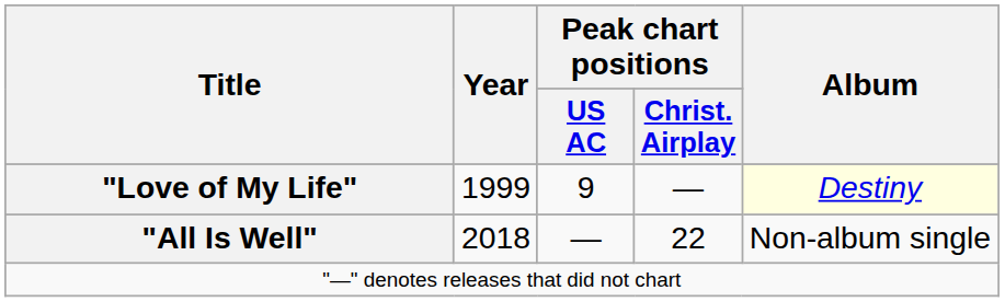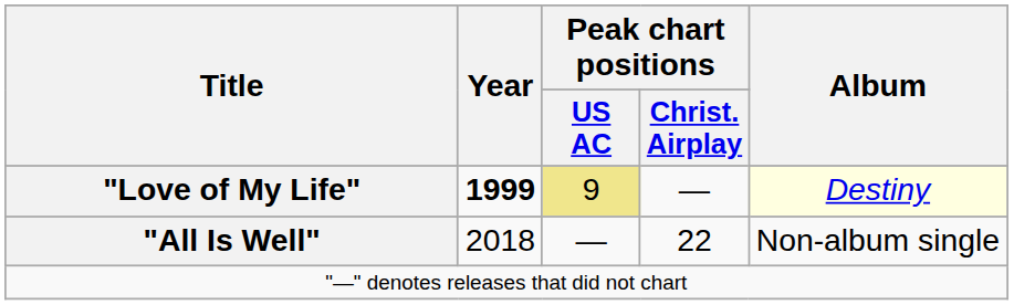 <table class="wikitable plainrowheaders" style="text-align:center;">
 <tr>
 <th scope="col" rowspan="2" style="width:14em;">Title</th>
 <th scope="col" rowspan="2" style="width:1em;">Year</th>
 <th scope="col" colspan="2">Peak chart positions</th>
 <th scope="col" rowspan="2">Album</th>
 </tr>
 <tr>
 <th style="width:3em; font-size:90%"><a href='#'>US<br>AC</a><br></th>
 <th style="width:3em; font-size:90%"><a href='#'>Christ. Airplay</a><br></th>
 </tr>
 <tr>
 <th scope="row">"Love of My Life" </th>
-<td>1999</td>
-<td>9</td>
+<td><strong>1999</strong></td>
+<td style="background: khaki;">9</td>
 <td>—</td>
 <td style="background: lightyellow;"><em><a href='#'>Destiny</a></em></td>
 </tr>
 <tr>
 <th scope="row">"All Is Well" </th>
 <td>2018</td>
 <td>—</td>
 <td>22</td>
 <td>Non-album single</td>
 </tr>
 <tr>
 <td colspan="13" style="font-size:8pt">"—" denotes releases that did not chart</td>
 </tr>
 </table>
